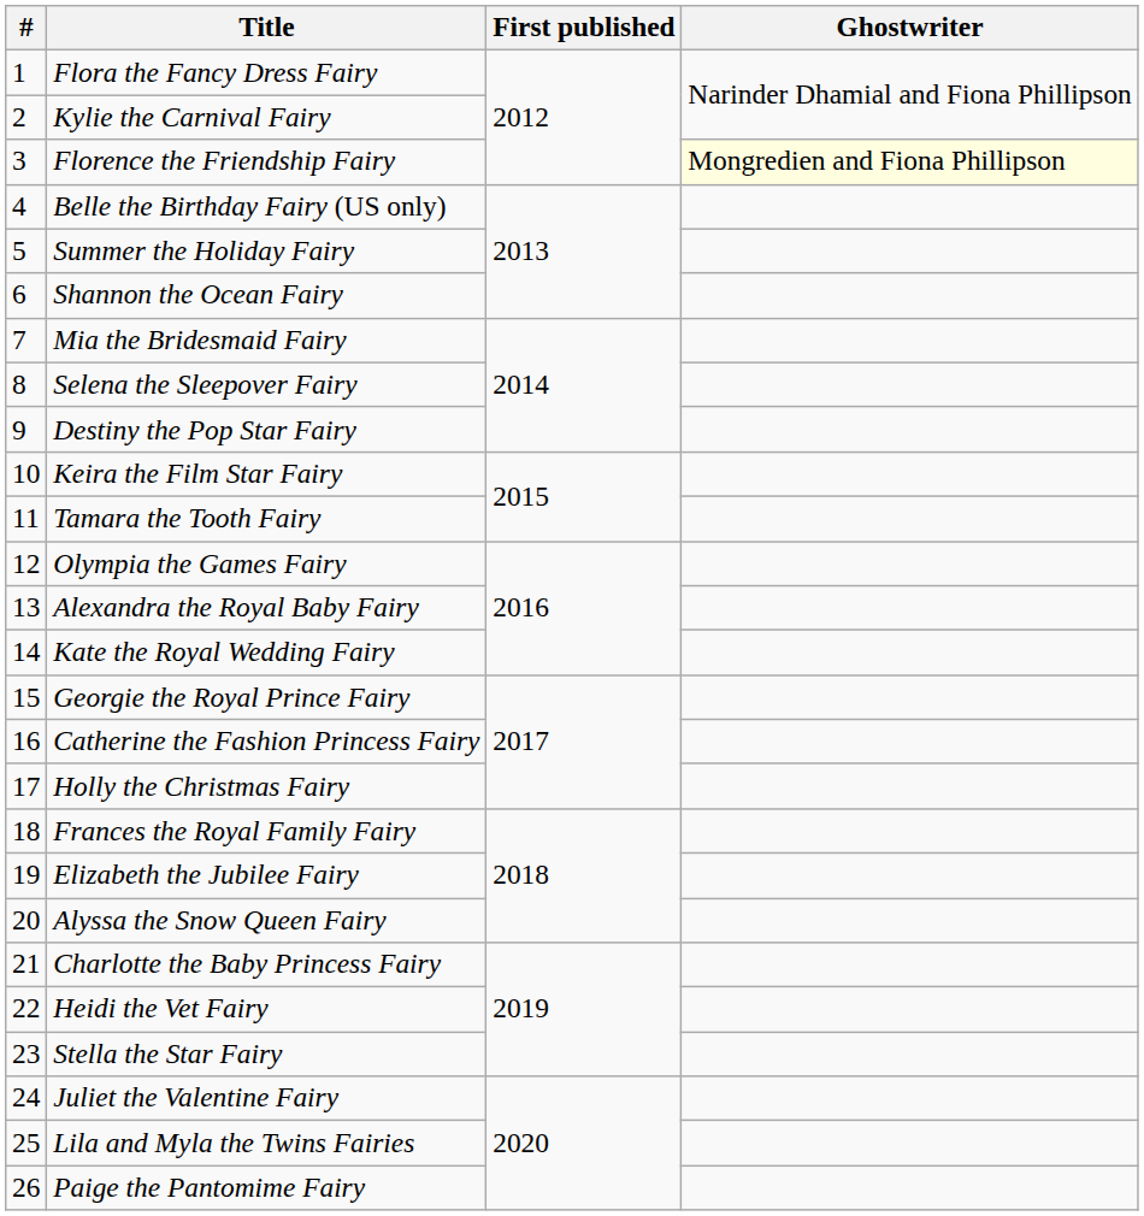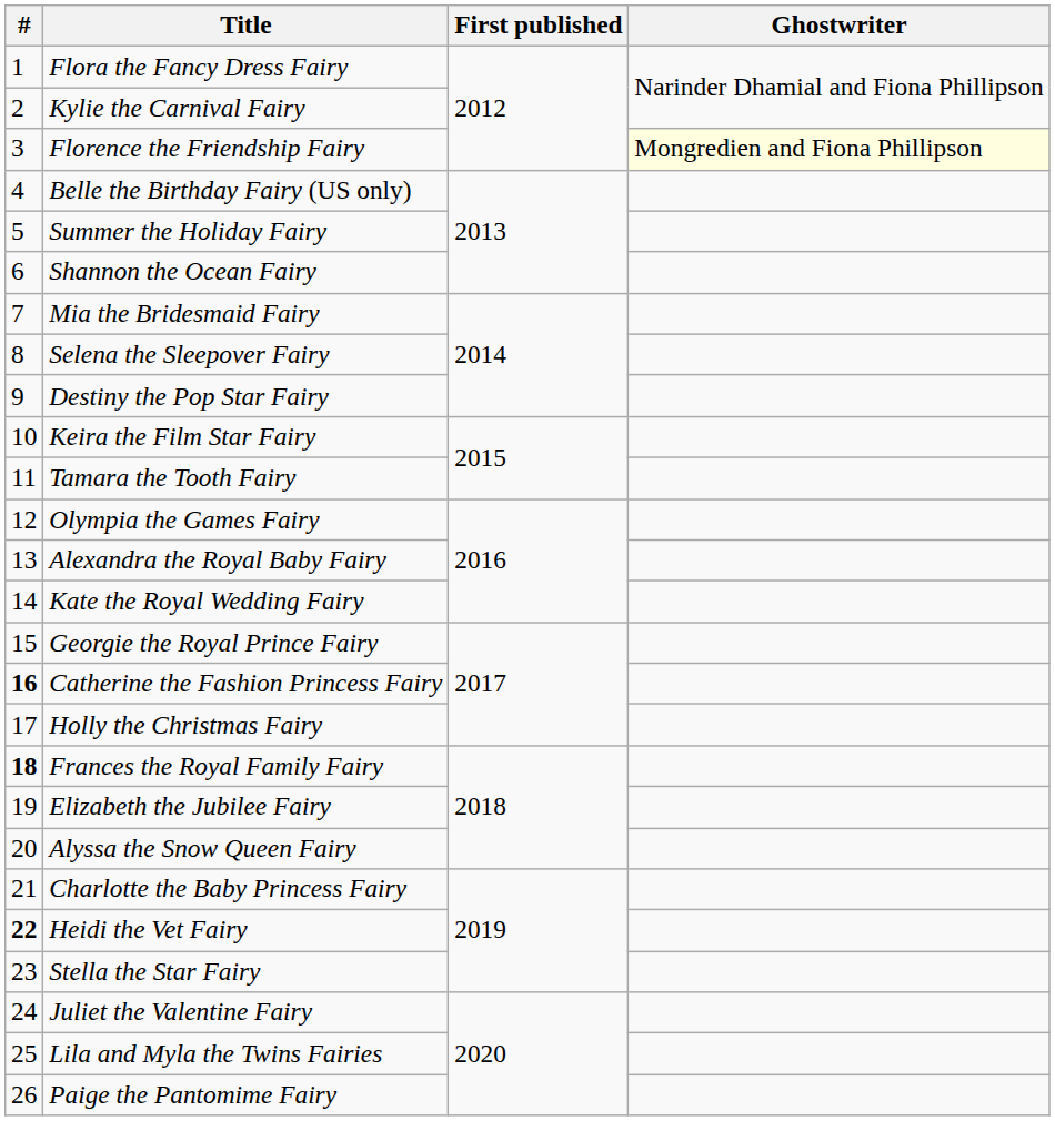 <table class="wikitable sortable nowraplinks">
 <tr>
 <th scope="col">#</th>
 <th scope="col">Title</th>
 <th scope="col">First published</th>
 <th scope="col">Ghostwriter</th>
 </tr>
 <tr>
 <td bgcolor=>1</td>
 <td><em>Flora the Fancy Dress Fairy</em></td>
 <td rowspan="3">2012</td>
 <td rowspan="2">Narinder Dhamial and Fiona Phillipson</td>
 </tr>
 <tr>
 <td bgcolor=>2</td>
 <td><em>Kylie the Carnival Fairy</em></td>
 </tr>
 <tr>
 <td bgcolor=>3</td>
 <td><em>Florence the Friendship Fairy</em></td>
 <td style="background: lightyellow;">Mongredien and Fiona Phillipson</td>
 </tr>
 <tr>
 <td bgcolor=>4</td>
 <td><em>Belle the Birthday Fairy</em> (US only)</td>
 <td rowspan="3">2013</td>
 <td></td>
 </tr>
 <tr>
 <td bgcolor=>5</td>
 <td><em>Summer the Holiday Fairy</em></td>
 <td></td>
 </tr>
 <tr>
 <td bgcolor=>6</td>
 <td><em>Shannon the Ocean Fairy</em></td>
 <td></td>
 </tr>
 <tr>
 <td bgcolor=>7</td>
 <td><em>Mia the Bridesmaid Fairy</em></td>
 <td rowspan="3">2014</td>
 <td></td>
 </tr>
 <tr>
 <td bgcolor=>8</td>
 <td><em>Selena the Sleepover Fairy</em></td>
 <td></td>
 </tr>
 <tr>
 <td bgcolor=>9</td>
 <td><em>Destiny the Pop Star Fairy</em></td>
 <td></td>
 </tr>
 <tr>
 <td bgcolor=>10</td>
 <td><em>Keira the Film Star Fairy</em></td>
 <td rowspan="2">2015</td>
 <td></td>
 </tr>
 <tr>
 <td bgcolor=>11</td>
 <td><em>Tamara the Tooth Fairy</em></td>
 <td></td>
 </tr>
 <tr>
 <td bgcolor=>12</td>
 <td><em>Olympia the Games Fairy</em></td>
 <td rowspan="3">2016</td>
 <td></td>
 </tr>
 <tr>
 <td bgcolor=>13</td>
 <td><em>Alexandra the Royal Baby Fairy</em></td>
 <td></td>
 </tr>
 <tr>
 <td bgcolor=>14</td>
 <td><em>Kate the Royal Wedding Fairy</em></td>
 <td></td>
 </tr>
 <tr>
 <td bgcolor=>15</td>
 <td><em>Georgie the Royal Prince Fairy</em></td>
 <td rowspan="3">2017</td>
 <td></td>
 </tr>
 <tr>
-<td bgcolor=>16</td>
+<td bgcolor=><strong>16</strong></td>
 <td><em>Catherine the Fashion Princess Fairy</em></td>
 <td></td>
 </tr>
 <tr>
 <td bgcolor=>17</td>
 <td><em>Holly the Christmas Fairy</em></td>
 <td></td>
 </tr>
 <tr>
-<td bgcolor=>18</td>
+<td bgcolor=><strong>18</strong></td>
 <td><em>Frances the Royal Family Fairy</em></td>
 <td rowspan="3">2018</td>
 <td></td>
 </tr>
 <tr>
 <td bgcolor=>19</td>
 <td><em>Elizabeth the Jubilee Fairy</em></td>
 <td></td>
 </tr>
 <tr>
 <td bgcolor=>20</td>
 <td><em>Alyssa the Snow Queen Fairy</em></td>
 <td></td>
 </tr>
 <tr>
 <td bgcolor=>21</td>
 <td><em>Charlotte the Baby Princess Fairy</em></td>
 <td rowspan="3">2019</td>
 <td></td>
 </tr>
 <tr>
-<td bgcolor=>22</td>
+<td bgcolor=><strong>22</strong></td>
 <td><em>Heidi the Vet Fairy</em></td>
 <td></td>
 </tr>
 <tr>
 <td bgcolor=>23</td>
 <td><em>Stella the Star Fairy</em></td>
 <td></td>
 </tr>
 <tr>
 <td bgcolor=>24</td>
 <td><em>Juliet the Valentine Fairy</em></td>
 <td rowspan="3">2020</td>
 <td></td>
 </tr>
 <tr>
 <td bgcolor=>25</td>
 <td><em>Lila and Myla the Twins Fairies</em></td>
 <td></td>
 </tr>
 <tr>
 <td bgcolor=>26</td>
 <td><em>Paige the Pantomime Fairy</em></td>
 <td></td>
 </tr>
 </table>
